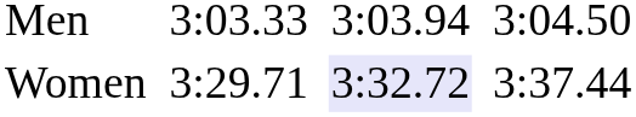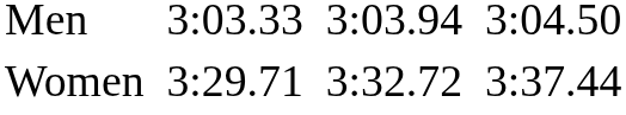 <table>
 <tr>
 <td align="left">Men</td>
 <td></td>
 <td>3:03.33</td>
 <td></td>
 <td>3:03.94</td>
 <td></td>
 <td>3:04.50</td>
 </tr>
 <tr>
 <td align="left">Women</td>
 <td></td>
 <td>3:29.71</td>
 <td></td>
-<td style="background: lavender;">3:32.72</td>
+<td>3:32.72</td>
 <td></td>
 <td>3:37.44</td>
 </tr>
 </table>
